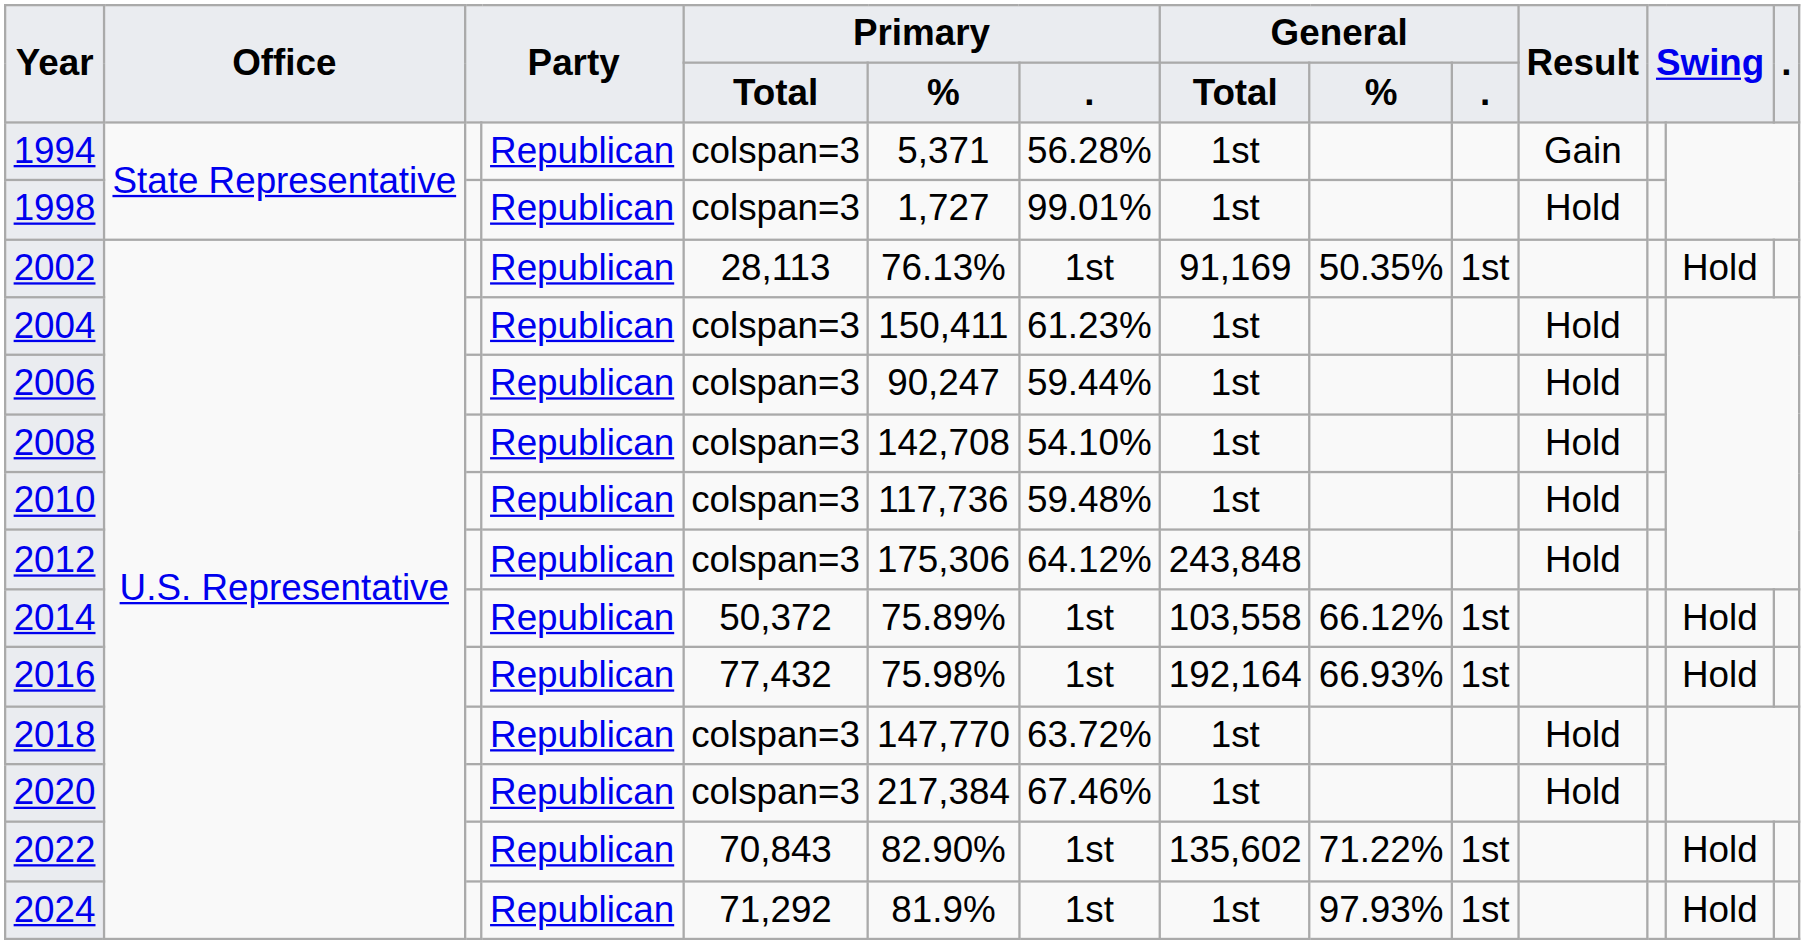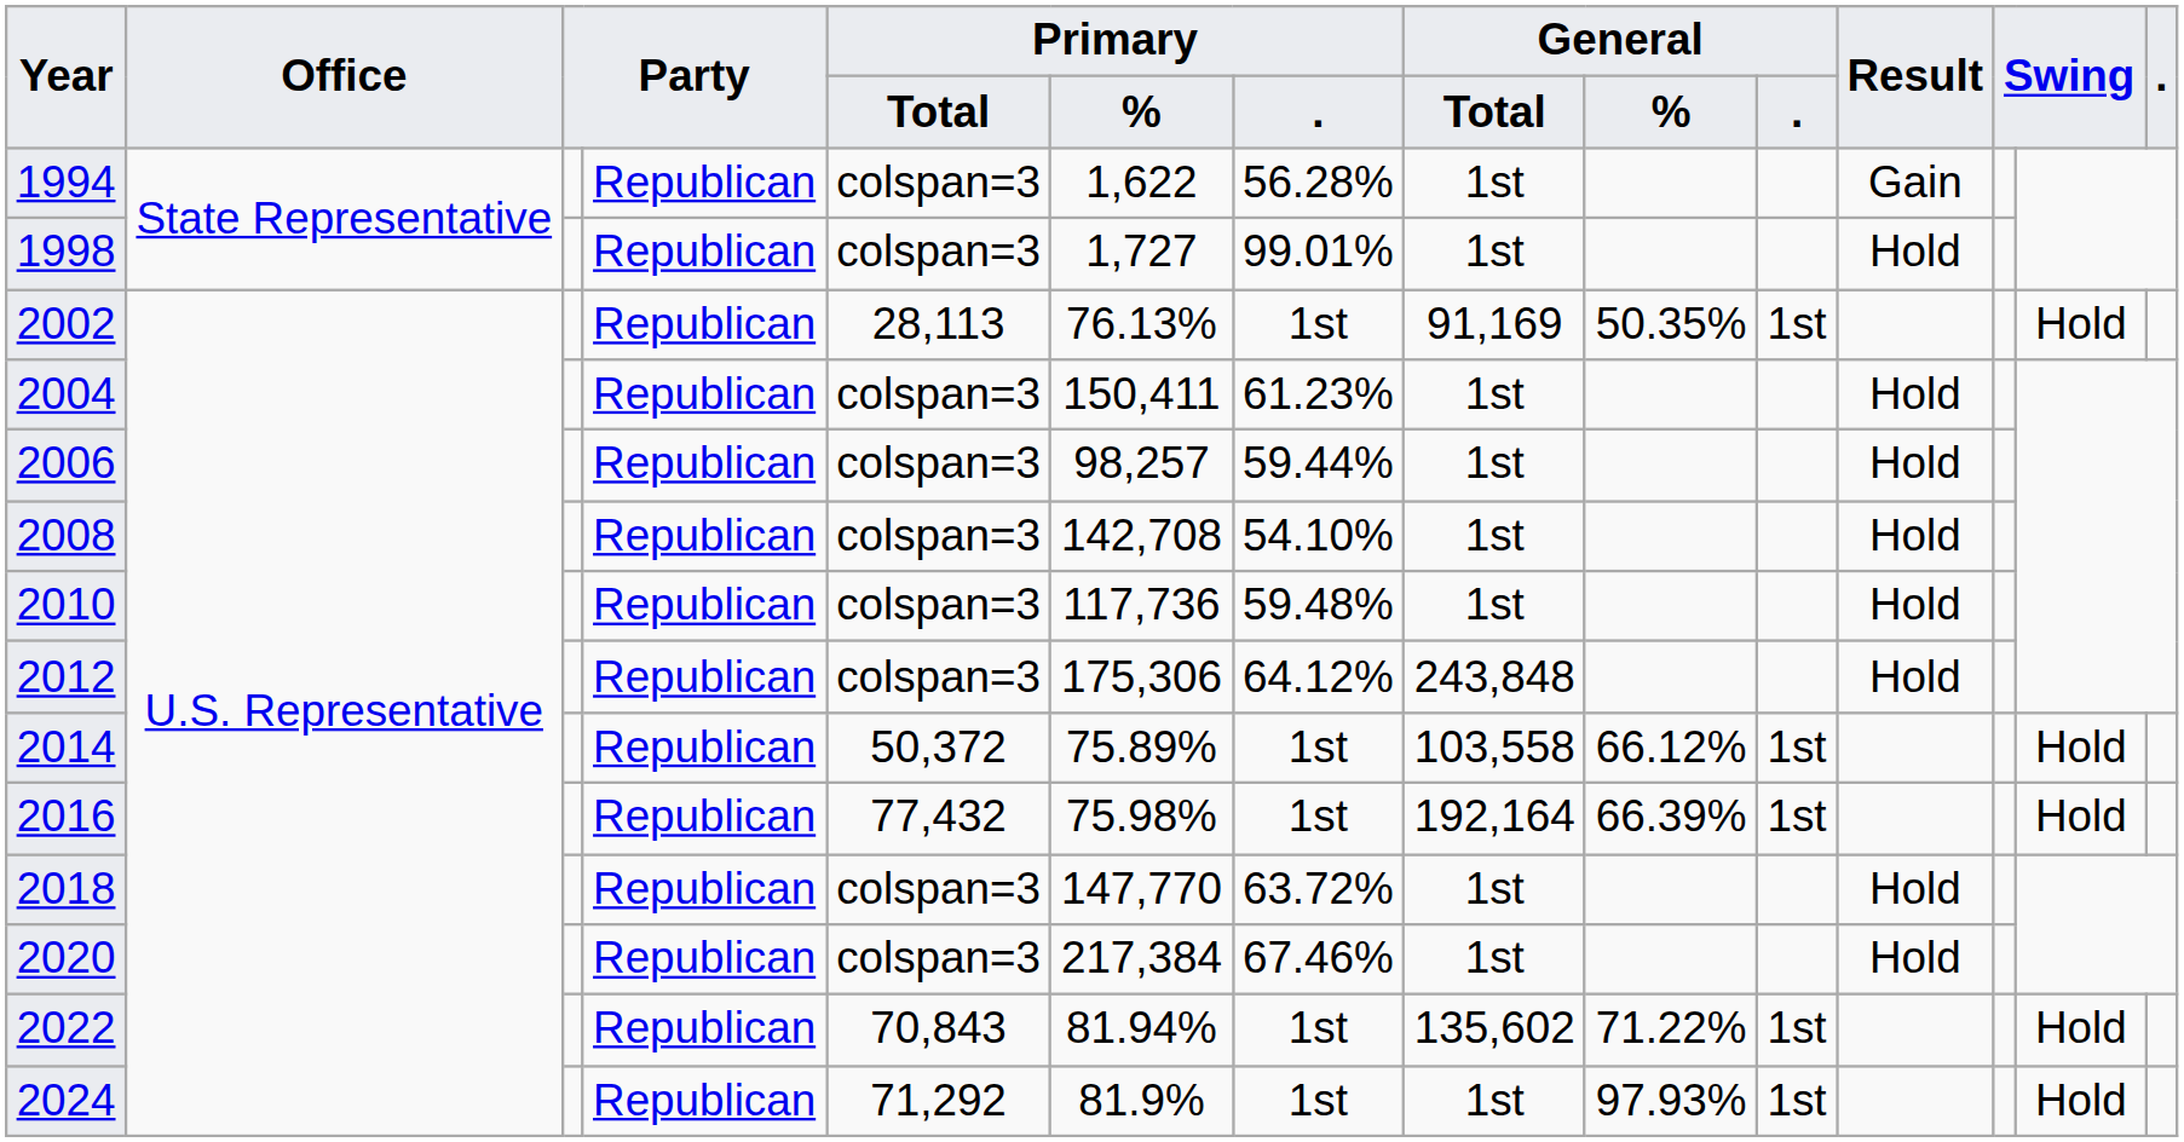 <table class=wikitable style=text-align:center;">
 <tr>
 <th style="background-color:#EAECF0;" rowspan=2>Year</th>
 <th style="background-color:#EAECF0;" rowspan=2>Office</th>
 <th style="background-color:#EAECF0;" colspan=2 rowspan=2>Party</th>
 <th style="background-color:#EAECF0;" colspan=3>Primary</th>
 <th style="background-color:#EAECF0;" colspan=3>General</th>
 <th style="background-color:#EAECF0;" rowspan=2>Result</th>
 <th style="background-color:#EAECF0;" colspan=2 rowspan=2><a href='#'>Swing</a></th>
 <th style="background-color:#EAECF0;" rowspan=2>.</th>
 </tr>
 <tr>
 <th style="background-color:#EAECF0;">Total</th>
 <th style="background-color:#EAECF0;">%</th>
 <th style="background-color:#EAECF0;">.</th>
 <th style="background-color:#EAECF0;">Total</th>
 <th style="background-color:#EAECF0;">%</th>
 <th style="background-color:#EAECF0;">.</th>
 </tr>
 <tr>
 <td style="background-color:#EAECF0;"><a href='#'>1994</a></td>
 <td rowspan=2><a href='#'>State Representative</a></td>
 <td style="background-color:"></td>
 <td><a href='#'>Republican</a></td>
 <td>colspan=3 </td>
-<td>5,371</td>
+<td>1,622</td>
 <td>56.28%</td>
 <td>1st</td>
 <td></td>
 <td style="background-color:"></td>
 <td>Gain</td>
 <td></td>
 </tr>
 <tr>
 <td style="background-color:#EAECF0;"><a href='#'>1998</a></td>
 <td style="background-color:"></td>
 <td><a href='#'>Republican</a></td>
 <td>colspan=3 </td>
 <td>1,727</td>
 <td>99.01%</td>
 <td>1st</td>
 <td></td>
 <td style="background-color:"></td>
 <td>Hold</td>
 <td></td>
 </tr>
 <tr>
 <td style="background-color:#EAECF0;"><a href='#'>2002</a></td>
 <td rowspan="12"><a href='#'>U.S. Representative</a></td>
 <td style="background-color:"></td>
 <td><a href='#'>Republican</a></td>
 <td>28,113</td>
 <td>76.13%</td>
 <td>1st</td>
 <td>91,169</td>
 <td>50.35%</td>
 <td>1st</td>
 <td></td>
 <td style="background-color:"></td>
 <td>Hold</td>
 <td></td>
 </tr>
 <tr>
 <td style="background-color:#EAECF0;"><a href='#'>2004</a></td>
 <td style="background-color:"></td>
 <td><a href='#'>Republican</a></td>
 <td>colspan=3 </td>
 <td>150,411</td>
 <td>61.23%</td>
 <td>1st</td>
 <td></td>
 <td style="background-color:"></td>
 <td>Hold</td>
 <td></td>
 </tr>
 <tr>
 <td style="background-color:#EAECF0;"><a href='#'>2006</a></td>
 <td style="background-color:"></td>
 <td><a href='#'>Republican</a></td>
 <td>colspan=3 </td>
-<td>90,247</td>
+<td>98,257</td>
 <td>59.44%</td>
 <td>1st</td>
 <td></td>
 <td style="background-color:"></td>
 <td>Hold</td>
 <td></td>
 </tr>
 <tr>
 <td style="background-color:#EAECF0;"><a href='#'>2008</a></td>
 <td style="background-color:"></td>
 <td><a href='#'>Republican</a></td>
 <td>colspan=3 </td>
 <td>142,708</td>
 <td>54.10%</td>
 <td>1st</td>
 <td></td>
 <td style="background-color:"></td>
 <td>Hold</td>
 <td></td>
 </tr>
 <tr>
 <td style="background-color:#EAECF0;"><a href='#'>2010</a></td>
 <td style="background-color:"></td>
 <td><a href='#'>Republican</a></td>
 <td>colspan=3 </td>
 <td>117,736</td>
 <td>59.48%</td>
 <td>1st</td>
 <td></td>
 <td style="background-color:"></td>
 <td>Hold</td>
 <td></td>
 </tr>
 <tr>
 <td style="background-color:#EAECF0;"><a href='#'>2012</a></td>
 <td style="background-color:"></td>
 <td><a href='#'>Republican</a></td>
 <td>colspan=3 </td>
 <td>175,306</td>
 <td>64.12%</td>
 <td>243,848</td>
 <td></td>
 <td style="background-color:"></td>
 <td>Hold</td>
 <td></td>
 </tr>
 <tr>
 <td style="background-color:#EAECF0;"><a href='#'>2014</a></td>
 <td style="background-color:"></td>
 <td><a href='#'>Republican</a></td>
 <td>50,372</td>
 <td>75.89%</td>
 <td>1st</td>
 <td>103,558</td>
 <td>66.12%</td>
 <td>1st</td>
 <td></td>
 <td style="background-color:"></td>
 <td>Hold</td>
 <td></td>
 </tr>
 <tr>
 <td style="background-color:#EAECF0;"><a href='#'>2016</a></td>
 <td style="background-color:"></td>
 <td><a href='#'>Republican</a></td>
 <td>77,432</td>
 <td>75.98%</td>
 <td>1st</td>
 <td>192,164</td>
-<td>66.93%</td>
+<td>66.39%</td>
 <td>1st</td>
 <td></td>
 <td style="background-color:"></td>
 <td>Hold</td>
 <td></td>
 </tr>
 <tr>
 <td style="background-color:#EAECF0;"><a href='#'>2018</a></td>
 <td style="background-color:"></td>
 <td><a href='#'>Republican</a></td>
 <td>colspan=3 </td>
 <td>147,770</td>
 <td>63.72%</td>
 <td>1st</td>
 <td></td>
 <td style="background-color:"></td>
 <td>Hold</td>
 <td></td>
 </tr>
 <tr>
 <td style="background-color:#EAECF0;"><a href='#'>2020</a></td>
 <td style="background-color:"></td>
 <td><a href='#'>Republican</a></td>
 <td>colspan=3 </td>
 <td>217,384</td>
 <td>67.46%</td>
 <td>1st</td>
 <td></td>
 <td style="background-color:"></td>
 <td>Hold</td>
 <td></td>
 </tr>
 <tr>
 <td style="background-color:#EAECF0;"><a href='#'>2022</a></td>
 <td style="background-color:"></td>
 <td><a href='#'>Republican</a></td>
 <td>70,843</td>
-<td>82.90%</td>
+<td>81.94%</td>
 <td>1st</td>
 <td>135,602</td>
 <td>71.22%</td>
 <td>1st</td>
 <td></td>
 <td style="background-color:"></td>
 <td>Hold</td>
 <td></td>
 </tr>
 <tr>
 <td style="background-color:#EAECF0;"><a href='#'>2024</a></td>
 <td style="background-color:"></td>
 <td><a href='#'>Republican</a></td>
 <td>71,292</td>
 <td>81.9%</td>
 <td>1st</td>
 <td>1st</td>
 <td>97.93%</td>
 <td>1st</td>
 <td></td>
 <td style="background-color:"></td>
 <td>Hold</td>
 <td></td>
 </tr>
 </table>
